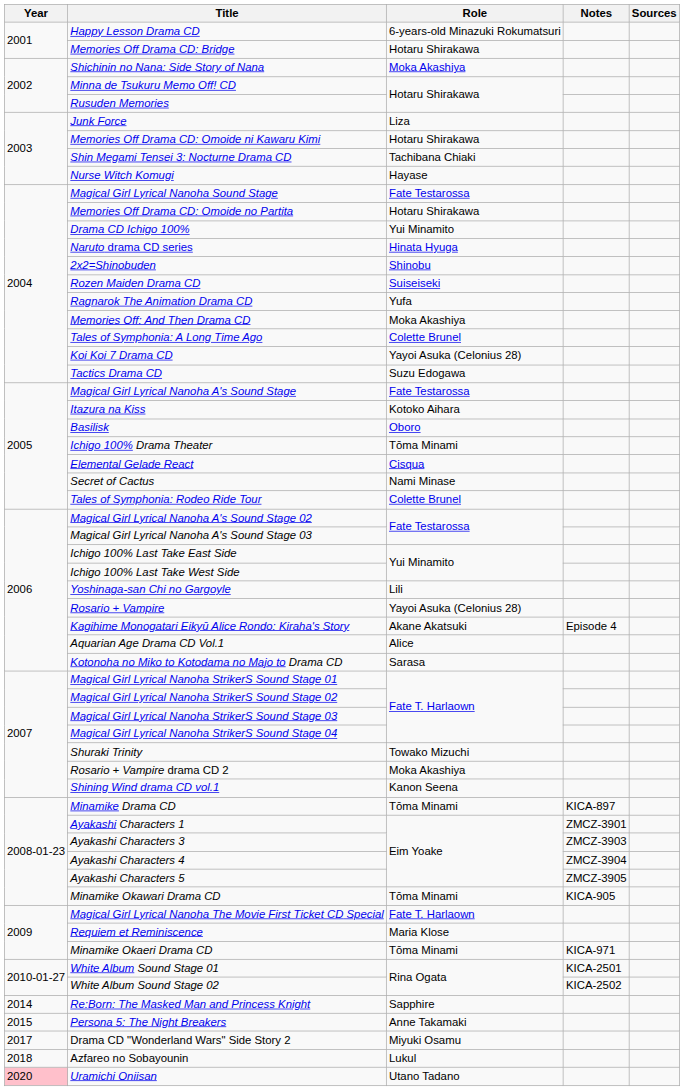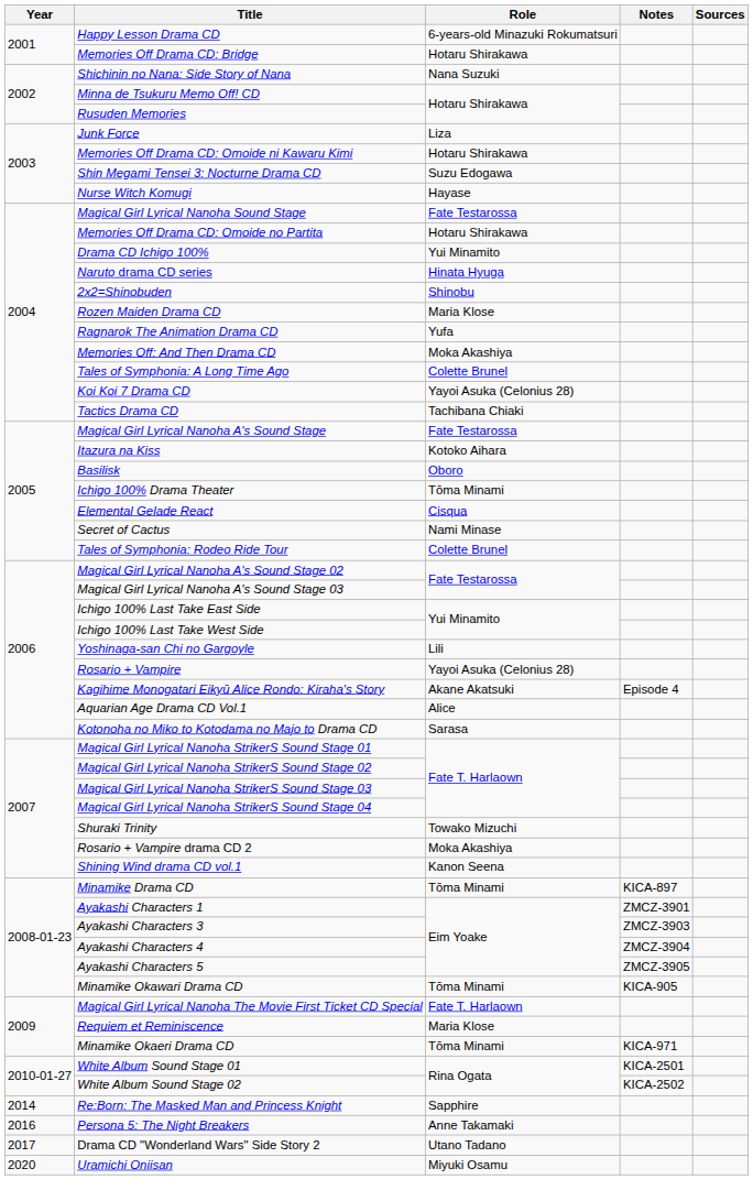 <table class="wikitable sortable">
 <tr>
 <th>Year</th>
 <th>Title</th>
 <th>Role</th>
 <th class="unsortable">Notes</th>
 <th class="unsortable">Sources</th>
 </tr>
 <tr>
 <td rowspan="2">2001</td>
 <td><em><a href='#'>Happy Lesson Drama CD</a></em></td>
 <td>6-years-old Minazuki Rokumatsuri</td>
 <td></td>
 <td></td>
 </tr>
 <tr>
 <td><em><a href='#'>Memories Off Drama CD: Bridge</a></em></td>
 <td>Hotaru Shirakawa</td>
 <td></td>
 <td></td>
 </tr>
 <tr>
 <td rowspan="3">2002</td>
 <td><em><a href='#'>Shichinin no Nana: Side Story of Nana</a></em></td>
-<td><a href='#'>Moka Akashiya</a></td>
+<td>Nana Suzuki</td>
 <td></td>
 <td></td>
 </tr>
 <tr>
 <td><em><a href='#'>Minna de Tsukuru Memo Off! CD</a></em></td>
 <td rowspan="2">Hotaru Shirakawa</td>
 <td></td>
 <td></td>
 </tr>
 <tr>
 <td><em><a href='#'>Rusuden Memories</a></em></td>
 <td></td>
 <td><br>   </td>
 </tr>
 <tr>
 <td rowspan="4">2003</td>
 <td><em><a href='#'>Junk Force</a></em></td>
 <td>Liza</td>
 <td></td>
 <td></td>
 </tr>
 <tr>
 <td><em><a href='#'>Memories Off Drama CD: Omoide ni Kawaru Kimi</a></em></td>
 <td>Hotaru Shirakawa</td>
 <td></td>
 <td></td>
 </tr>
 <tr>
 <td><em><a href='#'>Shin Megami Tensei 3: Nocturne Drama CD</a></em></td>
-<td>Tachibana Chiaki</td>
+<td>Suzu Edogawa</td>
 <td></td>
 <td></td>
 </tr>
 <tr>
 <td><em><a href='#'>Nurse Witch Komugi</a></em></td>
 <td>Hayase</td>
 <td></td>
 <td></td>
 </tr>
 <tr>
 <td rowspan="11">2004</td>
 <td><em><a href='#'>Magical Girl Lyrical Nanoha Sound Stage</a></em></td>
 <td><a href='#'>Fate Testarossa</a></td>
 <td></td>
 <td></td>
 </tr>
 <tr>
 <td><em><a href='#'>Memories Off Drama CD: Omoide no Partita</a></em></td>
 <td>Hotaru Shirakawa</td>
 <td></td>
 <td></td>
 </tr>
 <tr>
 <td><em><a href='#'>Drama CD Ichigo 100%</a></em></td>
 <td>Yui Minamito</td>
 <td></td>
 <td></td>
 </tr>
 <tr>
 <td><a href='#'><em>Naruto</em> drama CD series</a></td>
 <td><a href='#'>Hinata Hyuga</a></td>
 <td></td>
 <td></td>
 </tr>
 <tr>
 <td><em><a href='#'>2x2=Shinobuden</a></em></td>
 <td><a href='#'>Shinobu</a></td>
 <td></td>
 <td></td>
 </tr>
 <tr>
 <td><em><a href='#'>Rozen Maiden Drama CD</a></em></td>
-<td><a href='#'>Suiseiseki</a></td>
+<td>Maria Klose</td>
 <td></td>
 <td></td>
 </tr>
 <tr>
 <td><em><a href='#'>Ragnarok The Animation Drama CD</a></em></td>
 <td>Yufa</td>
 <td></td>
 <td></td>
 </tr>
 <tr>
 <td><em><a href='#'>Memories Off: And Then Drama CD</a></em></td>
 <td>Moka Akashiya</td>
 <td></td>
 <td><br></td>
 </tr>
 <tr>
 <td><em><a href='#'>Tales of Symphonia: A Long Time Ago</a></em></td>
 <td><a href='#'>Colette Brunel</a></td>
 <td></td>
 <td><br></td>
 </tr>
 <tr>
 <td><em><a href='#'>Koi Koi 7 Drama CD</a></em></td>
 <td>Yayoi Asuka (Celonius 28)</td>
 <td></td>
 <td></td>
 </tr>
 <tr>
 <td><em><a href='#'>Tactics Drama CD</a></em></td>
-<td>Suzu Edogawa</td>
+<td>Tachibana Chiaki</td>
 <td></td>
 <td><br></td>
 </tr>
 <tr>
 <td rowspan="7">2005</td>
 <td><em><a href='#'>Magical Girl Lyrical Nanoha A's Sound Stage</a></em></td>
 <td><a href='#'>Fate Testarossa</a></td>
 <td></td>
 <td><br></td>
 </tr>
 <tr>
 <td><em><a href='#'>Itazura na Kiss</a></em></td>
 <td>Kotoko Aihara</td>
 <td></td>
 <td></td>
 </tr>
 <tr>
 <td><em><a href='#'>Basilisk</a></em></td>
 <td><a href='#'>Oboro</a></td>
 <td></td>
 <td></td>
 </tr>
 <tr>
 <td><em><a href='#'>Ichigo 100%</a> Drama Theater</em></td>
 <td>Tōma Minami</td>
 <td></td>
 <td></td>
 </tr>
 <tr>
 <td><em><a href='#'>Elemental Gelade React</a></em></td>
 <td><a href='#'>Cisqua</a></td>
 <td></td>
 <td></td>
 </tr>
 <tr>
 <td><em>Secret of Cactus</em></td>
 <td>Nami Minase</td>
 <td></td>
 <td><br> </td>
 </tr>
 <tr>
 <td><em><a href='#'>Tales of Symphonia: Rodeo Ride Tour</a></em></td>
 <td><a href='#'>Colette Brunel</a></td>
 <td></td>
 <td></td>
 </tr>
 <tr>
 <td rowspan="9">2006</td>
 <td><em><a href='#'>Magical Girl Lyrical Nanoha A's Sound Stage 02</a></em></td>
 <td rowspan="2"><a href='#'>Fate Testarossa</a></td>
 <td></td>
 <td></td>
 </tr>
 <tr>
 <td><em>Magical Girl Lyrical Nanoha A's Sound Stage 03</em></td>
 <td></td>
 <td></td>
 </tr>
 <tr>
 <td><em>Ichigo 100% Last Take East Side</em></td>
 <td rowspan="2">Yui Minamito</td>
 <td></td>
 <td></td>
 </tr>
 <tr>
 <td><em>Ichigo 100% Last Take West Side</em></td>
 <td></td>
 <td></td>
 </tr>
 <tr>
 <td><em><a href='#'>Yoshinaga-san Chi no Gargoyle</a></em></td>
 <td>Lili</td>
 <td></td>
 <td></td>
 </tr>
 <tr>
 <td><em><a href='#'>Rosario + Vampire</a></em></td>
 <td>Yayoi Asuka (Celonius 28)</td>
 <td></td>
 <td></td>
 </tr>
 <tr>
 <td><em><a href='#'>Kagihime Monogatari Eikyū Alice Rondo: Kiraha's Story</a></em></td>
 <td>Akane Akatsuki</td>
 <td>Episode 4</td>
 <td></td>
 </tr>
 <tr>
 <td><em>Aquarian Age Drama CD Vol.1</em></td>
 <td>Alice</td>
 <td></td>
 <td></td>
 </tr>
 <tr>
 <td><em><a href='#'>Kotonoha no Miko to Kotodama no Majo to</a> Drama CD</em></td>
 <td>Sarasa</td>
 <td></td>
 <td></td>
 </tr>
 <tr>
 <td rowspan="7">2007</td>
 <td><em><a href='#'>Magical Girl Lyrical Nanoha StrikerS Sound Stage 01</a></em></td>
 <td rowspan="4"><a href='#'>Fate T. Harlaown</a></td>
 <td></td>
 <td></td>
 </tr>
 <tr>
 <td><em><a href='#'>Magical Girl Lyrical Nanoha StrikerS Sound Stage 02</a></em></td>
 <td></td>
 <td></td>
 </tr>
 <tr>
 <td><em><a href='#'>Magical Girl Lyrical Nanoha StrikerS Sound Stage 03</a></em></td>
 <td></td>
 <td></td>
 </tr>
 <tr>
 <td><em><a href='#'>Magical Girl Lyrical Nanoha StrikerS Sound Stage 04</a></em></td>
 <td></td>
 <td></td>
 </tr>
 <tr>
 <td><em>Shuraki Trinity</em></td>
 <td>Towako Mizuchi</td>
 <td></td>
 <td><br> </td>
 </tr>
 <tr>
 <td><em>Rosario + Vampire</em> drama CD 2</td>
 <td>Moka Akashiya</td>
 <td></td>
 <td></td>
 </tr>
 <tr>
 <td><em><a href='#'>Shining Wind drama CD vol.1</a></em></td>
 <td>Kanon Seena</td>
 <td></td>
 <td><br>    </td>
 </tr>
 <tr>
 <td rowspan="6">2008<span>-01-23</span></td>
 <td><em><a href='#'>Minamike</a> Drama <abbr>CD</abbr></em></td>
 <td>Tōma Minami</td>
 <td>KICA-897</td>
 <td></td>
 </tr>
 <tr>
 <td><em><a href='#'>Ayakashi</a> Characters 1</em></td>
 <td rowspan="4">Eim Yoake</td>
 <td>ZMCZ-3901</td>
 <td></td>
 </tr>
 <tr>
 <td><em>Ayakashi Characters 3</em></td>
 <td>ZMCZ-3903</td>
 <td></td>
 </tr>
 <tr>
 <td><em>Ayakashi Characters 4</em></td>
 <td>ZMCZ-3904</td>
 <td></td>
 </tr>
 <tr>
 <td><em>Ayakashi Characters 5</em></td>
 <td>ZMCZ-3905</td>
 <td></td>
 </tr>
 <tr>
 <td><em>Minamike Okawari Drama <abbr>CD</abbr></em></td>
 <td>Tōma Minami</td>
 <td>KICA-905</td>
 <td></td>
 </tr>
 <tr>
 <td rowspan="3">2009</td>
 <td><em><a href='#'>Magical Girl Lyrical Nanoha The Movie First Ticket <abbr>CD</abbr> Special</a></em></td>
 <td><a href='#'>Fate T. Harlaown</a></td>
 <td></td>
 <td><br></td>
 </tr>
 <tr>
 <td><em><a href='#'>Requiem et Reminiscence</a></em></td>
 <td>Maria Klose</td>
 <td></td>
 <td><br></td>
 </tr>
 <tr>
 <td><em>Minamike Okaeri Drama <abbr>CD</abbr></em></td>
 <td>Tōma Minami</td>
 <td>KICA-971</td>
 <td><br></td>
 </tr>
 <tr>
 <td rowspan="2">2010<span>-01-27</span></td>
 <td><em><a href='#'>White Album</a> Sound Stage 01</em></td>
 <td rowspan="2">Rina Ogata</td>
 <td>KICA-2501</td>
 <td></td>
 </tr>
 <tr>
 <td><em>White Album Sound Stage 02</em></td>
 <td>KICA-2502</td>
 <td></td>
 </tr>
 <tr>
 <td>2014</td>
 <td><em><a href='#'>Re:Born: The Masked Man and Princess Knight</a></em></td>
 <td>Sapphire</td>
 <td></td>
 <td></td>
 </tr>
 <tr>
-<td>2015</td>
+<td>2016</td>
 <td><em><a href='#'>Persona 5: The Night Breakers</a></em></td>
 <td>Anne Takamaki</td>
 <td></td>
 <td></td>
 </tr>
 <tr>
 <td>2017</td>
 <td>Drama CD "Wonderland Wars" Side Story 2</td>
+<td>Utano Tadano</td>
+<td></td>
+<td></td>
+</tr>
+<tr>
+<td>2020</td>
+<td><em><a href='#'>Uramichi Oniisan</a></em></td>
 <td>Miyuki Osamu</td>
 <td></td>
 <td></td>
 </tr>
-<tr>
-<td>2018</td>
-<td>Azfareo no Sobayounin</td>
-<td>Lukul</td>
-<td></td>
-<td></td>
-</tr>
-<tr>
-<td style="background: pink;">2020</td>
-<td><em><a href='#'>Uramichi Oniisan</a></em></td>
-<td>Utano Tadano</td>
-<td></td>
-<td></td>
-</tr>
 </table>
